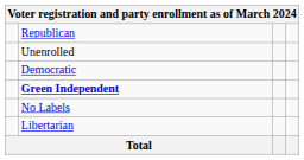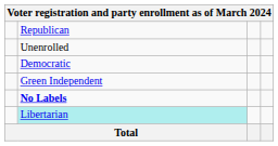 <table class=wikitable>
 <tr>
 <th colspan = 6>Voter registration and party enrollment as of March 2024</th>
 </tr>
 <tr>
 <td></td>
 <td><a href='#'>Republican</a></td>
 <td align = center></td>
 <td align = center></td>
 </tr>
 <tr>
 <td></td>
 <td>Unenrolled</td>
 <td align = center></td>
 <td align = center></td>
 </tr>
 <tr>
 <td></td>
 <td><a href='#'>Democratic</a></td>
 <td align = center></td>
 <td align = center></td>
 </tr>
 <tr>
 <td></td>
-<td><strong><a href='#'>Green Independent</a></strong></td>
+<td><a href='#'>Green Independent</a></td>
 <td align = center></td>
 <td align = center></td>
 </tr>
 <tr>
 <td></td>
-<td><a href='#'>No Labels</a></td>
+<td><strong><a href='#'>No Labels</a></strong></td>
 <td align = center></td>
 <td align = center></td>
 </tr>
 <tr>
 <td></td>
-<td><a href='#'>Libertarian</a></td>
+<td style="background: paleturquoise;"><a href='#'>Libertarian</a></td>
 <td align = center></td>
 <td align = center></td>
 </tr>
 <tr>
 <th colspan = 2>Total</th>
 <th align = center></th>
 <th align = center></th>
 </tr>
 </table>
